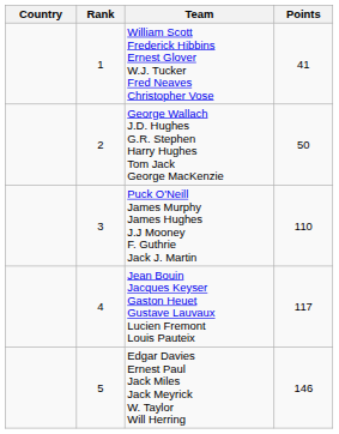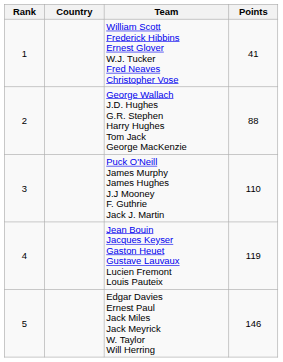 <table class="wikitable sortable" style=" text-align:center; font-size:95%;" width="50%">
 <tr>
+<th>Rank</th>
 <th>Country</th>
-<th>Rank</th>
 <th>Team</th>
 <th>Points</th>
 </tr>
 <tr>
+<td align=center>1</td>
 <td align=left></td>
-<td align=center>1</td>
 <td align=left><a href='#'>William Scott</a><br><a href='#'>Frederick Hibbins</a><br><a href='#'>Ernest Glover</a><br>W.J. Tucker<br><a href='#'>Fred Neaves</a><br><a href='#'>Christopher Vose</a></td>
 <td>41</td>
 </tr>
 <tr>
+<td align=center>2</td>
 <td align=left></td>
-<td align=center>2</td>
 <td align=left><a href='#'>George Wallach</a><br>J.D. Hughes<br>G.R. Stephen<br>Harry Hughes<br>Tom Jack<br>George MacKenzie</td>
-<td>50</td>
+<td>88</td>
 </tr>
 <tr>
+<td align=center>3</td>
 <td align=left></td>
-<td align=center>3</td>
 <td align=left><a href='#'>Puck O'Neill</a><br>James Murphy<br>James Hughes<br>J.J Mooney<br>F. Guthrie<br>Jack J. Martin</td>
 <td>110</td>
 </tr>
 <tr>
+<td align=center>4</td>
 <td align=left></td>
-<td align=center>4</td>
 <td align=left><a href='#'>Jean Bouin</a><br><a href='#'>Jacques Keyser</a><br><a href='#'>Gaston Heuet</a><br><a href='#'>Gustave Lauvaux</a><br>Lucien Fremont<br>Louis Pauteix</td>
-<td>117</td>
+<td>119</td>
 </tr>
 <tr>
+<td align=center>5</td>
 <td align=left></td>
-<td align=center>5</td>
 <td align=left>Edgar Davies<br>Ernest Paul<br>Jack Miles<br>Jack Meyrick<br>W. Taylor<br>Will Herring</td>
 <td>146</td>
 </tr>
 </table>
